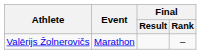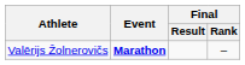 <table class="wikitable" style="font-size:90%">
 <tr>
 <th rowspan="2">Athlete</th>
 <th rowspan="2">Event</th>
 <th colspan="2">Final</th>
 </tr>
 <tr style="font-size:95%">
 <th>Result</th>
 <th>Rank</th>
 </tr>
 <tr style=text-align:center>
 <td style=text-align:left><a href='#'>Valērijs Žolnerovičs</a></td>
-<td style=text-align:left><a href='#'>Marathon</a></td>
+<td style=text-align:left><strong><a href='#'>Marathon</a></strong></td>
 <td></td>
 <td>–</td>
 </tr>
 </table>
